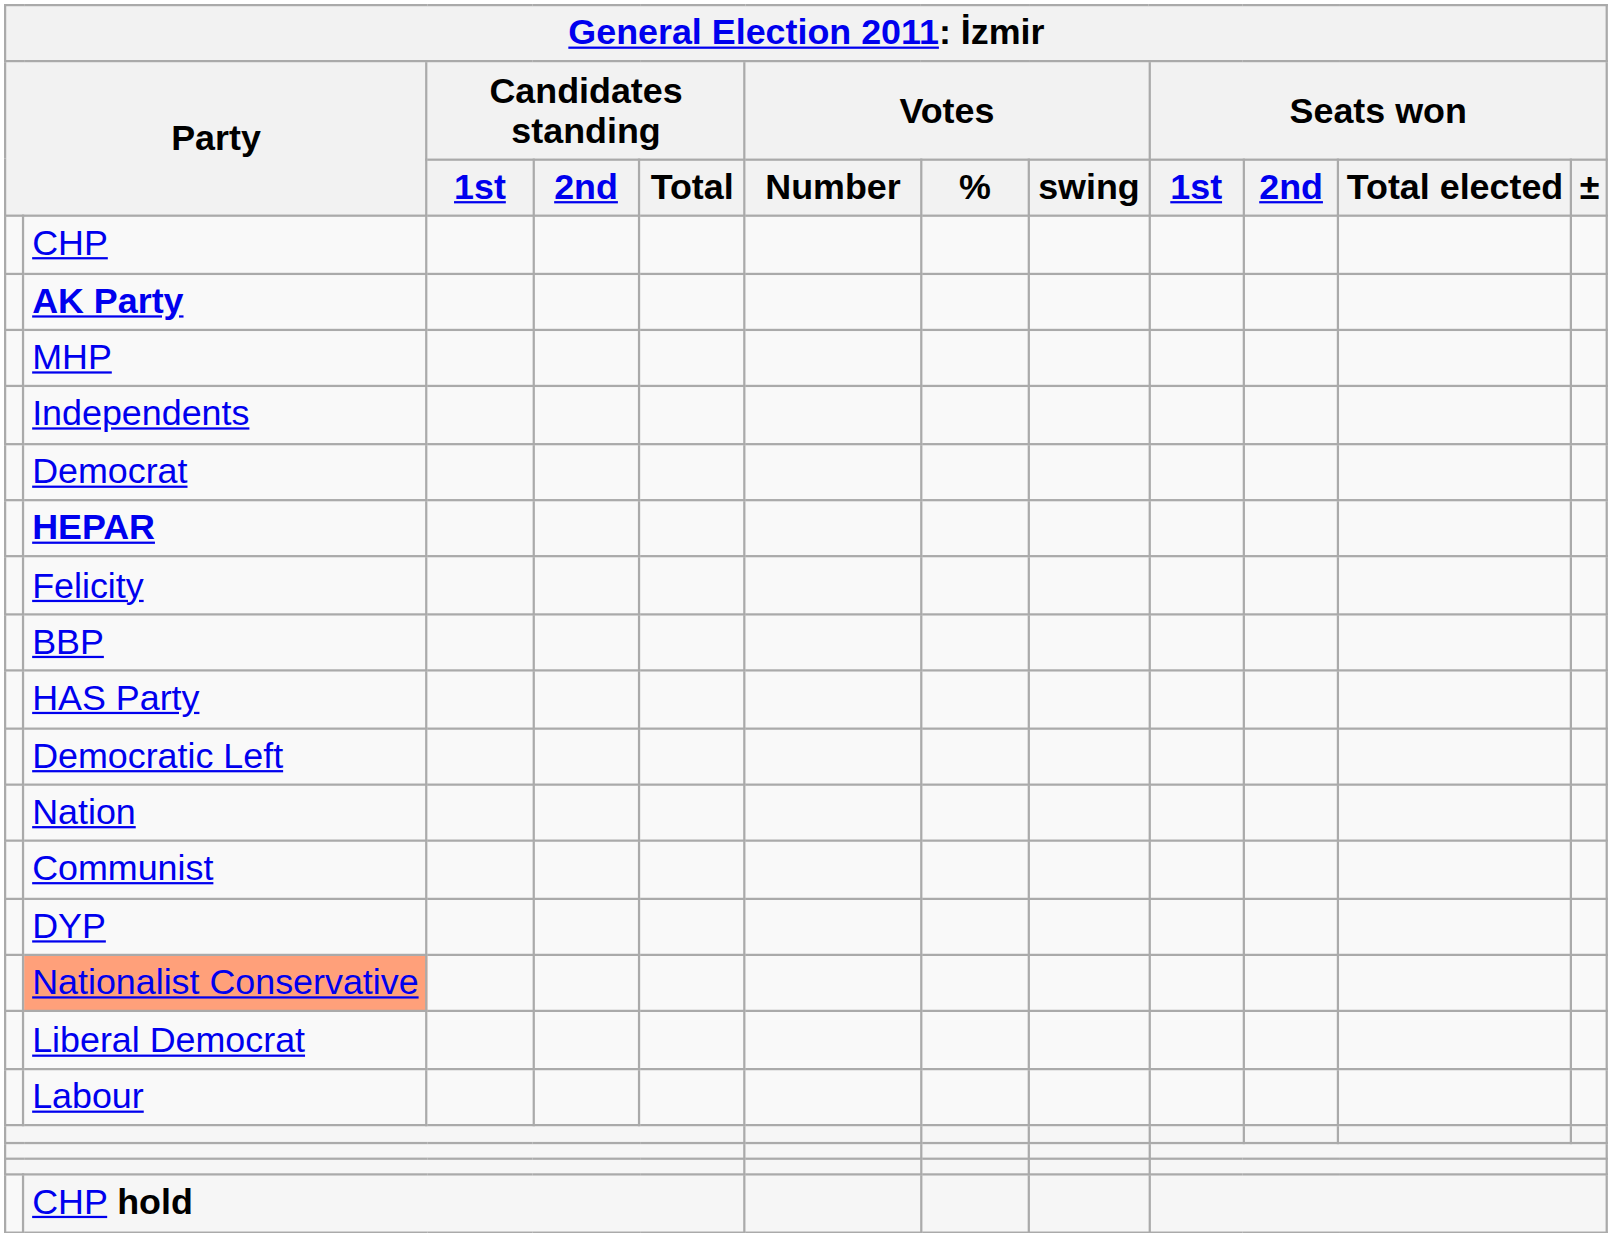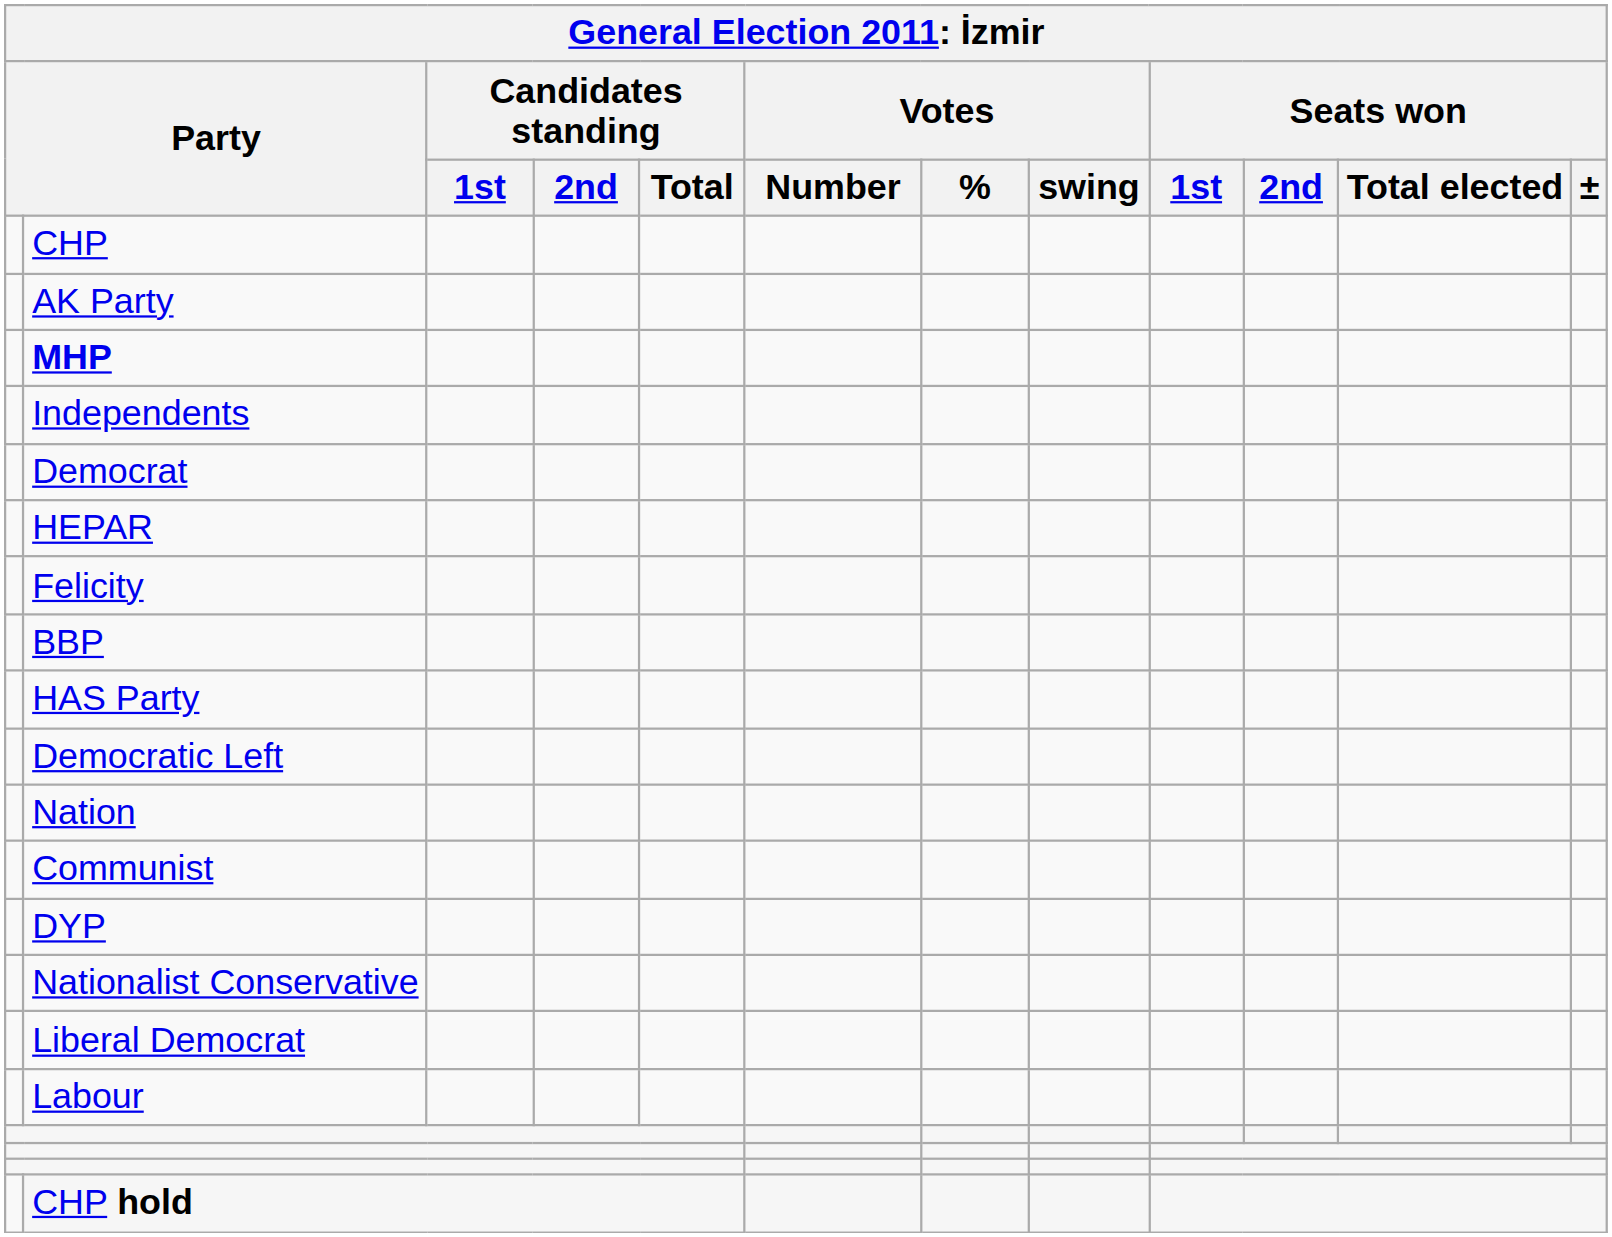 <table class="wikitable">
 <tr>
 <th colspan="14"><a href='#'>General Election 2011</a>: İzmir</th>
 </tr>
 <tr>
 <th colspan="2" rowspan="2">Party</th>
 <th colspan="3">Candidates standing</th>
 <th colspan="3">Votes</th>
 <th colspan="4">Seats won</th>
 </tr>
 <tr>
 <th width="40px"><a href='#'>1st</a></th>
 <th width="40px"><a href='#'>2nd</a></th>
 <th width="40px">Total</th>
 <th width="71px">Number</th>
 <th width="41px">%</th>
 <th width="46px">swing</th>
 <th width="35px"><a href='#'>1st</a></th>
 <th width="35px"><a href='#'>2nd</a></th>
 <th>Total elected</th>
 <th>±</th>
 </tr>
 <tr>
 <td style="width:1px; background: "></td>
 <td><a href='#'>CHP</a></td>
 <td></td>
 <td></td>
 <td></td>
 <td></td>
 <td></td>
 <td></td>
 <td></td>
 <td></td>
 <td></td>
 <td></td>
 </tr>
 <tr>
 <td style="width:1px; background: "></td>
-<td><strong><a href='#'>AK Party</a></strong></td>
+<td><a href='#'>AK Party</a></td>
 <td></td>
 <td></td>
 <td></td>
 <td></td>
 <td></td>
 <td></td>
 <td></td>
 <td></td>
 <td></td>
 <td></td>
 </tr>
 <tr>
 <td style="width:1px; background: "></td>
-<td><a href='#'>MHP</a></td>
+<td><strong><a href='#'>MHP</a></strong></td>
 <td></td>
 <td></td>
 <td></td>
 <td></td>
 <td></td>
 <td></td>
 <td></td>
 <td></td>
 <td></td>
 <td></td>
 </tr>
 <tr>
 <td style="width:1px; background: "></td>
 <td><a href='#'>Independents</a></td>
 <td></td>
 <td></td>
 <td></td>
 <td></td>
 <td></td>
 <td></td>
 <td></td>
 <td></td>
 <td></td>
 <td></td>
 </tr>
 <tr>
 <td style="width:1px; background: "></td>
 <td><a href='#'>Democrat</a></td>
 <td></td>
 <td></td>
 <td></td>
 <td></td>
 <td></td>
 <td></td>
 <td></td>
 <td></td>
 <td></td>
 <td></td>
 </tr>
 <tr>
 <td style="width:1px; background: "></td>
-<td><strong><a href='#'>HEPAR</a></strong></td>
+<td><a href='#'>HEPAR</a></td>
 <td></td>
 <td></td>
 <td></td>
 <td></td>
 <td></td>
 <td></td>
 <td></td>
 <td></td>
 <td></td>
 <td></td>
 </tr>
 <tr>
 <td style="width:1px; background: "></td>
 <td><a href='#'>Felicity</a></td>
 <td></td>
 <td></td>
 <td></td>
 <td></td>
 <td></td>
 <td></td>
 <td></td>
 <td></td>
 <td></td>
 <td></td>
 </tr>
 <tr>
 <td style="width:1px; background: "></td>
 <td><a href='#'>BBP</a></td>
 <td></td>
 <td></td>
 <td></td>
 <td></td>
 <td></td>
 <td></td>
 <td></td>
 <td></td>
 <td></td>
 <td></td>
 </tr>
 <tr>
 <td style="width:1px; background: "></td>
 <td><a href='#'>HAS Party</a></td>
 <td></td>
 <td></td>
 <td></td>
 <td></td>
 <td></td>
 <td></td>
 <td></td>
 <td></td>
 <td></td>
 <td></td>
 </tr>
 <tr>
 <td style="width:1px; background: "></td>
 <td><a href='#'>Democratic Left</a></td>
 <td></td>
 <td></td>
 <td></td>
 <td></td>
 <td></td>
 <td></td>
 <td></td>
 <td></td>
 <td></td>
 <td></td>
 </tr>
 <tr>
 <td style="width:1px; background: "></td>
 <td><a href='#'>Nation</a></td>
 <td></td>
 <td></td>
 <td></td>
 <td></td>
 <td></td>
 <td></td>
 <td></td>
 <td></td>
 <td></td>
 <td></td>
 </tr>
 <tr>
 <td style="width:1px; background: "></td>
 <td><a href='#'>Communist</a></td>
 <td></td>
 <td></td>
 <td></td>
 <td></td>
 <td></td>
 <td></td>
 <td></td>
 <td></td>
 <td></td>
 <td></td>
 </tr>
 <tr>
 <td style="width:1px; background: "></td>
 <td><a href='#'>DYP</a></td>
 <td></td>
 <td></td>
 <td></td>
 <td></td>
 <td></td>
 <td></td>
 <td></td>
 <td></td>
 <td></td>
 <td></td>
 </tr>
 <tr>
 <td style="width:1px; background: "></td>
-<td style="background: lightsalmon;"><a href='#'>Nationalist Conservative</a></td>
+<td><a href='#'>Nationalist Conservative</a></td>
 <td></td>
 <td></td>
 <td></td>
 <td></td>
 <td></td>
 <td></td>
 <td></td>
 <td></td>
 <td></td>
 <td></td>
 </tr>
 <tr>
 <td style="width:1px; background: "></td>
 <td><a href='#'>Liberal Democrat</a></td>
 <td></td>
 <td></td>
 <td></td>
 <td></td>
 <td></td>
 <td></td>
 <td></td>
 <td></td>
 <td></td>
 <td></td>
 </tr>
 <tr>
 <td style="width:1px; background: "></td>
 <td><a href='#'>Labour</a></td>
 <td></td>
 <td></td>
 <td></td>
 <td></td>
 <td></td>
 <td></td>
 <td></td>
 <td></td>
 <td></td>
 <td></td>
 </tr>
 <tr>
 <td style="background: #F6F6F6" colspan="5"></td>
 <td style="background: #F6F6F6"></td>
 <td style="background: #F6F6F6"></td>
 <td style="background: #F6F6F6"></td>
 <td style="background: #F6F6F6"></td>
 <td style="background: #F6F6F6"></td>
 <td style="background: #F6F6F6"></td>
 <td style="background: #F6F6F6"></td>
 </tr>
 <tr>
 <td style="background: #F6F6F6" colspan="5"></td>
 <td style="background: #F6F6F6"></td>
 <td style="background: #F6F6F6"></td>
 <td style="background: #F6F6F6"></td>
 <td style="background: #F6F6F6" colspan="4"></td>
 </tr>
 <tr>
 <td style="background: #F6F6F6" colspan="5"></td>
 <td style="background: #F6F6F6"></td>
 <td style="background: #F6F6F6"></td>
 <td style="background: #F6F6F6"></td>
 <td style="background: #F6F6F6" colspan="4"></td>
 </tr>
 <tr>
 <td style="width:1px; background: "></td>
 <td style="background: #F6F6F6" colspan="4"><a href='#'>CHP</a> <strong>hold</strong> </td>
 <td style="background: #F6F6F6"></td>
 <td style="background: #F6F6F6"></td>
 <td style="background: #F6F6F6"></td>
 <td style="background: #F6F6F6" colspan="5"></td>
 </tr>
 </table>
